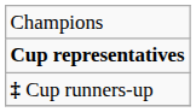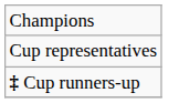 <table class=wikitable style=font-size:85%>
 <tr>
 <td> Champions</td>
 </tr>
 <tr>
-<td><strong> Cup representatives</strong></td>
+<td> Cup representatives</td>
 </tr>
 <tr>
 <td><strong>‡</strong> Cup runners-up</td>
 </tr>
 <tr>
 </tr>
 </table>
